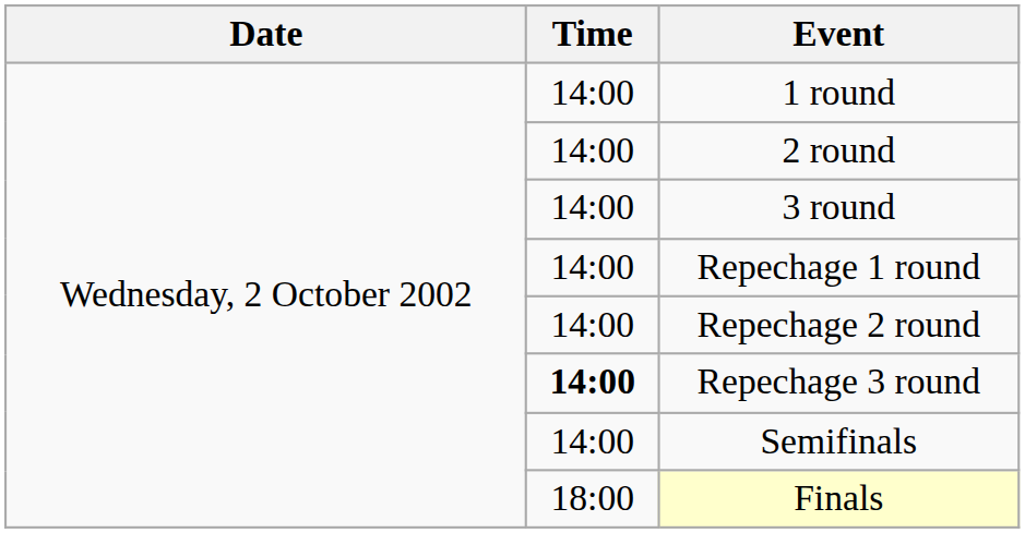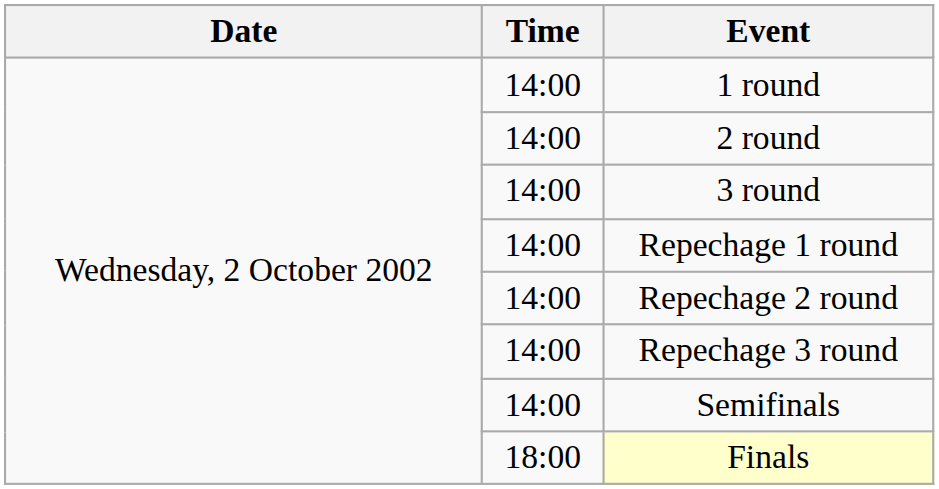 <table class = "wikitable" style="text-align:center;">
 <tr>
 <th width=220>Date</th>
 <th width=50>Time</th>
 <th width=150>Event</th>
 </tr>
 <tr>
 <td rowspan=8>Wednesday, 2 October 2002</td>
 <td>14:00</td>
 <td>1 round</td>
 </tr>
 <tr>
 <td>14:00</td>
 <td>2 round</td>
 </tr>
 <tr>
 <td>14:00</td>
 <td>3 round</td>
 </tr>
 <tr>
 <td>14:00</td>
 <td>Repechage 1 round</td>
 </tr>
 <tr>
 <td>14:00</td>
 <td>Repechage 2 round</td>
 </tr>
 <tr>
-<td><strong>14:00</strong></td>
+<td>14:00</td>
 <td>Repechage 3 round</td>
 </tr>
 <tr>
 <td>14:00</td>
 <td>Semifinals</td>
 </tr>
 <tr>
 <td>18:00</td>
 <td bgcolor=ffffcc>Finals</td>
 </tr>
 </table>
